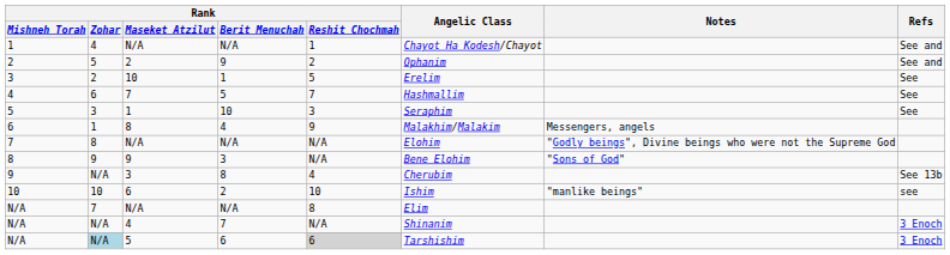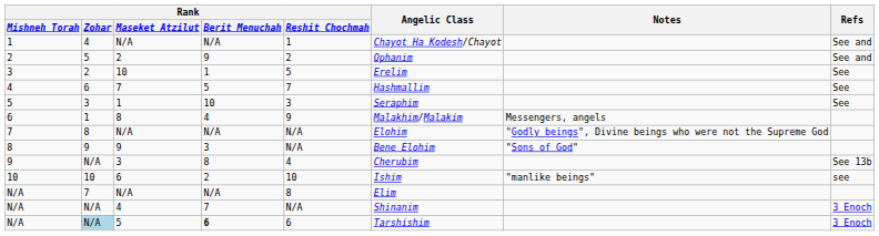 <table class="wikitable sortable">
 <tr>
 <th colspan="5">Rank</th>
 <th rowspan="2">Angelic Class</th>
 <th rowspan="2">Notes</th>
 <th rowspan="2">Refs</th>
 </tr>
 <tr>
 <th><em><a href='#'>Mishneh Torah</a></em></th>
 <th><em><a href='#'>Zohar</a></em></th>
 <th><em><a href='#'>Maseket Atzilut</a></em></th>
 <th><em><a href='#'>Berit Menuchah</a></em></th>
 <th><em><a href='#'>Reshit Chochmah</a></em></th>
 </tr>
 <tr>
 <td>1</td>
 <td>4</td>
 <td>N/A</td>
 <td>N/A</td>
 <td>1</td>
 <td><em><a href='#'>Chayot Ha Kodesh</a>/Chayot</em></td>
 <td></td>
 <td>See  and </td>
 </tr>
 <tr>
 <td>2</td>
 <td>5</td>
 <td>2</td>
 <td>9</td>
 <td>2</td>
 <td><em><a href='#'>Ophanim</a></em></td>
 <td></td>
 <td>See  and </td>
 </tr>
 <tr>
 <td>3</td>
 <td>2</td>
 <td>10</td>
 <td>1</td>
 <td>5</td>
 <td><em><a href='#'>Erelim</a></em></td>
 <td></td>
 <td>See </td>
 </tr>
 <tr>
 <td>4</td>
 <td>6</td>
 <td>7</td>
 <td>5</td>
 <td>7</td>
 <td><em><a href='#'>Hashmallim</a></em></td>
 <td></td>
 <td>See </td>
 </tr>
 <tr>
 <td>5</td>
 <td>3</td>
 <td>1</td>
 <td>10</td>
 <td>3</td>
 <td><em><a href='#'>Seraphim</a></em></td>
 <td></td>
 <td>See </td>
 </tr>
 <tr>
 <td>6</td>
 <td>1</td>
 <td>8</td>
 <td>4</td>
 <td>9</td>
 <td><em><a href='#'>Malakhim</a>/<a href='#'>Malakim</a></em></td>
 <td>Messengers, angels</td>
 <td></td>
 </tr>
 <tr>
 <td>7</td>
 <td>8</td>
 <td>N/A</td>
 <td>N/A</td>
 <td>N/A</td>
 <td><em><a href='#'>Elohim</a></em></td>
 <td>"<a href='#'>Godly beings</a>", Divine beings who were not the Supreme God</td>
 <td></td>
 </tr>
 <tr>
 <td>8</td>
 <td>9</td>
 <td>9</td>
 <td>3</td>
 <td>N/A</td>
 <td><em><a href='#'>Bene Elohim</a></em></td>
 <td>"<a href='#'>Sons of God</a>"</td>
 <td></td>
 </tr>
 <tr>
 <td>9</td>
 <td>N/A</td>
 <td>3</td>
 <td>8</td>
 <td>4</td>
 <td><em><a href='#'>Cherubim</a></em></td>
 <td></td>
 <td>See  13b</td>
 </tr>
 <tr>
 <td>10</td>
 <td>10</td>
 <td>6</td>
 <td>2</td>
 <td>10</td>
 <td><em><a href='#'>Ishim</a></em></td>
 <td>"manlike beings"</td>
 <td>see  </td>
 </tr>
 <tr>
 <td>N/A</td>
 <td>7</td>
 <td>N/A</td>
 <td>N/A</td>
 <td>8</td>
 <td><em><a href='#'>Elim</a></em></td>
 <td></td>
 <td></td>
 </tr>
 <tr>
 <td>N/A</td>
 <td>N/A</td>
 <td>4</td>
 <td>7</td>
 <td>N/A</td>
 <td><a href='#'><em>Shinanim</em></a></td>
 <td></td>
 <td><a href='#'>3 Enoch</a></td>
 </tr>
 <tr>
 <td>N/A</td>
 <td style="background: lightblue;">N/A</td>
 <td>5</td>
+<td><strong>6</strong></td>
 <td>6</td>
-<td style="background: lightgrey;">6</td>
 <td><a href='#'><em>Tarshishim</em></a></td>
 <td></td>
 <td><a href='#'>3 Enoch</a></td>
 </tr>
 </table>
